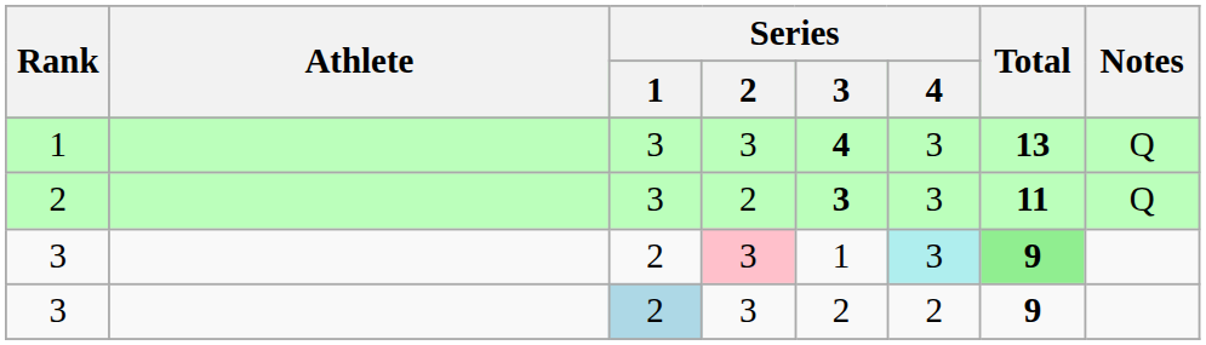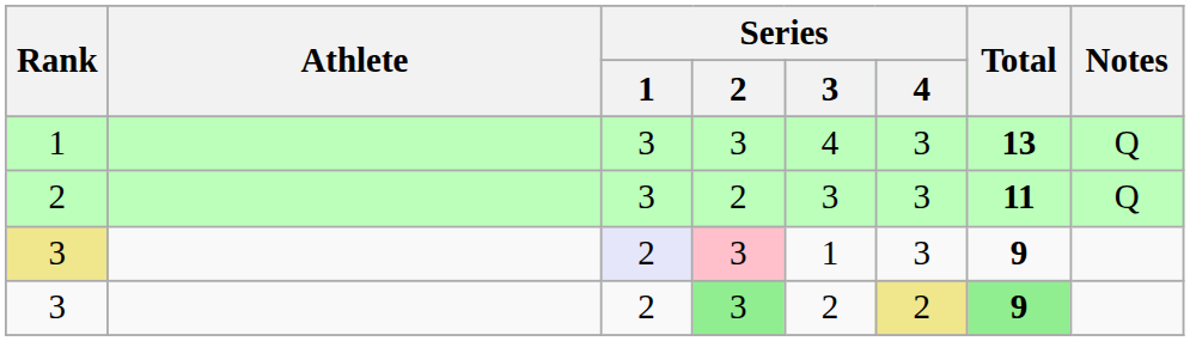 <table class="wikitable" style="text-align:center">
 <tr>
 <th rowspan=2 width=40>Rank</th>
 <th rowspan=2 width=220>Athlete</th>
 <th colspan=4>Series</th>
 <th rowspan=2 width=40>Total</th>
 <th rowspan=2 width=45>Notes</th>
 </tr>
 <tr bgcolor=bbffbb>
 <th width=35>1</th>
 <th width=35>2</th>
 <th width=35>3</th>
 <th width=35>4</th>
 </tr>
 <tr bgcolor=bbffbb>
 <td>1</td>
 <td align=left></td>
 <td>3</td>
 <td>3</td>
-<td><strong>4</strong></td>
+<td>4</td>
 <td>3</td>
 <td><strong>13</strong></td>
 <td>Q</td>
 </tr>
 <tr bgcolor=bbffbb>
 <td>2</td>
 <td align=left></td>
 <td>3</td>
 <td>2</td>
-<td><strong>3</strong></td>
+<td>3</td>
 <td>3</td>
 <td><strong>11</strong></td>
 <td>Q</td>
 </tr>
 <tr>
-<td>3</td>
+<td style="background: khaki;">3</td>
 <td align=left></td>
-<td>2</td>
+<td style="background: lavender;">2</td>
 <td style="background: pink;">3</td>
 <td>1</td>
-<td style="background: paleturquoise;">3</td>
-<td style="background: lightgreen;"><strong>9</strong></td>
+<td>3</td>
+<td><strong>9</strong></td>
 <td></td>
 </tr>
 <tr>
 <td>3</td>
 <td align=left></td>
-<td style="background: lightblue;">2</td>
-<td>3</td>
 <td>2</td>
+<td style="background: lightgreen;">3</td>
 <td>2</td>
-<td><strong>9</strong></td>
+<td style="background: khaki;">2</td>
+<td style="background: lightgreen;"><strong>9</strong></td>
 <td></td>
 </tr>
 </table>
